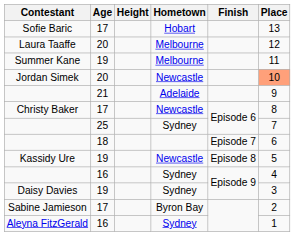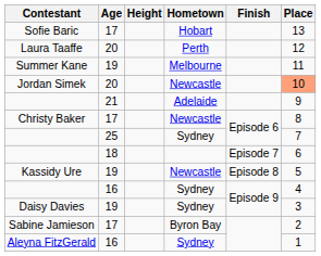 <table class="wikitable sortable" style="text-align:center;">
 <tr>
 <th>Contestant</th>
 <th>Age</th>
 <th>Height</th>
 <th>Hometown</th>
 <th>Finish</th>
 <th>Place</th>
 </tr>
 <tr>
 <td>Sofie Baric</td>
 <td>17</td>
 <td></td>
 <td><a href='#'>Hobart</a></td>
 <td></td>
 <td>13</td>
 </tr>
 <tr>
 <td>Laura Taaffe</td>
 <td>20</td>
 <td></td>
-<td><a href='#'>Melbourne</a></td>
+<td><a href='#'>Perth</a></td>
 <td></td>
 <td>12</td>
 </tr>
 <tr>
 <td>Summer Kane</td>
 <td>19</td>
 <td></td>
 <td><a href='#'>Melbourne</a></td>
 <td></td>
 <td>11</td>
 </tr>
 <tr>
 <td>Jordan Simek</td>
 <td>20</td>
 <td></td>
 <td><a href='#'>Newcastle</a></td>
 <td></td>
 <td style="background: lightsalmon;">10</td>
 </tr>
 <tr>
 <td></td>
 <td>21</td>
 <td></td>
 <td><a href='#'>Adelaide</a></td>
 <td></td>
 <td>9</td>
 </tr>
 <tr>
 <td>Christy Baker</td>
 <td>17</td>
 <td></td>
 <td><a href='#'>Newcastle</a></td>
 <td rowspan="2">Episode 6</td>
 <td>8</td>
 </tr>
 <tr>
 <td></td>
 <td>25</td>
 <td></td>
 <td>Sydney</td>
 <td>7</td>
 </tr>
 <tr>
 <td></td>
 <td>18</td>
 <td></td>
 <td></td>
 <td>Episode 7</td>
 <td>6</td>
 </tr>
 <tr>
 <td>Kassidy Ure</td>
 <td>19</td>
 <td></td>
 <td><a href='#'>Newcastle</a></td>
 <td>Episode 8</td>
 <td>5</td>
 </tr>
 <tr>
 <td></td>
 <td>16</td>
 <td></td>
 <td>Sydney</td>
 <td rowspan="2">Episode 9</td>
 <td>4</td>
 </tr>
 <tr>
 <td>Daisy Davies</td>
 <td>19</td>
 <td></td>
 <td>Sydney</td>
 <td>3</td>
 </tr>
 <tr>
 <td>Sabine Jamieson</td>
 <td>17</td>
 <td></td>
 <td>Byron Bay</td>
 <td rowspan="2"></td>
 <td>2</td>
 </tr>
 <tr>
 <td><a href='#'>Aleyna FitzGerald</a></td>
 <td>16</td>
 <td></td>
 <td><a href='#'>Sydney</a></td>
 <td>1</td>
 </tr>
 </table>
